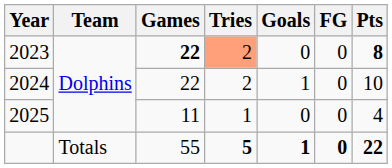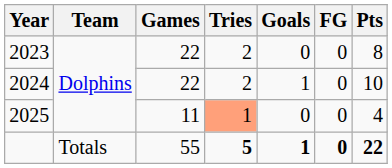 <table class="wikitable">
 <tr>
 <th>Year</th>
 <th>Team</th>
 <th>Games</th>
 <th>Tries</th>
 <th>Goals</th>
 <th>FG</th>
 <th>Pts</th>
 </tr>
 <tr>
 <td align=center>2023</td>
 <td rowspan="3" align=left> <a href='#'>Dolphins</a></td>
-<td align=right><strong>22</strong></td>
-<td align=right style="background: lightsalmon;">2</td>
+<td align=right>22</td>
+<td align=right>2</td>
 <td align=right>0</td>
 <td align=right>0</td>
-<td align=right><strong>8</strong></td>
+<td align=right>8</td>
 </tr>
 <tr>
 <td align=center>2024</td>
 <td align=right>22</td>
 <td align=right>2</td>
 <td align=right>1</td>
 <td align=right>0</td>
 <td align=right>10</td>
 </tr>
 <tr>
 <td align=center>2025</td>
 <td align=right>11</td>
-<td align=right>1</td>
+<td align=right style="background: lightsalmon;">1</td>
 <td align=right>0</td>
 <td align=right>0</td>
 <td align=right>4</td>
 </tr>
 <tr>
 <td></td>
 <td>Totals</td>
 <td align=right>55</td>
 <td align=right><strong>5</strong></td>
 <td align=right><strong>1</strong></td>
 <td align=right><strong>0</strong></td>
 <td align=right><strong>22</strong></td>
 </tr>
 </table>
